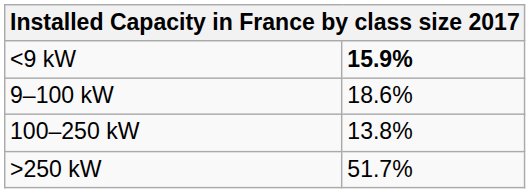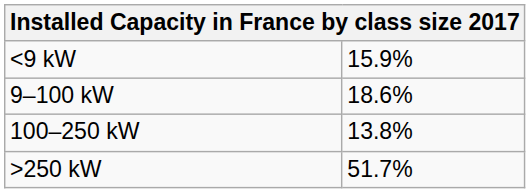 <table class="wikitable">
 <tr>
 <th colspan="2">Installed Capacity in France by class size 2017</th>
 </tr>
 <tr>
 <td><9 kW</td>
-<td><strong>15.9%</strong></td>
+<td>15.9%</td>
 </tr>
 <tr>
 <td>9–100 kW</td>
 <td>18.6%</td>
 </tr>
 <tr>
 <td>100–250 kW</td>
 <td>13.8%</td>
 </tr>
 <tr>
 <td>>250 kW</td>
 <td>51.7%</td>
 </tr>
 </table>
